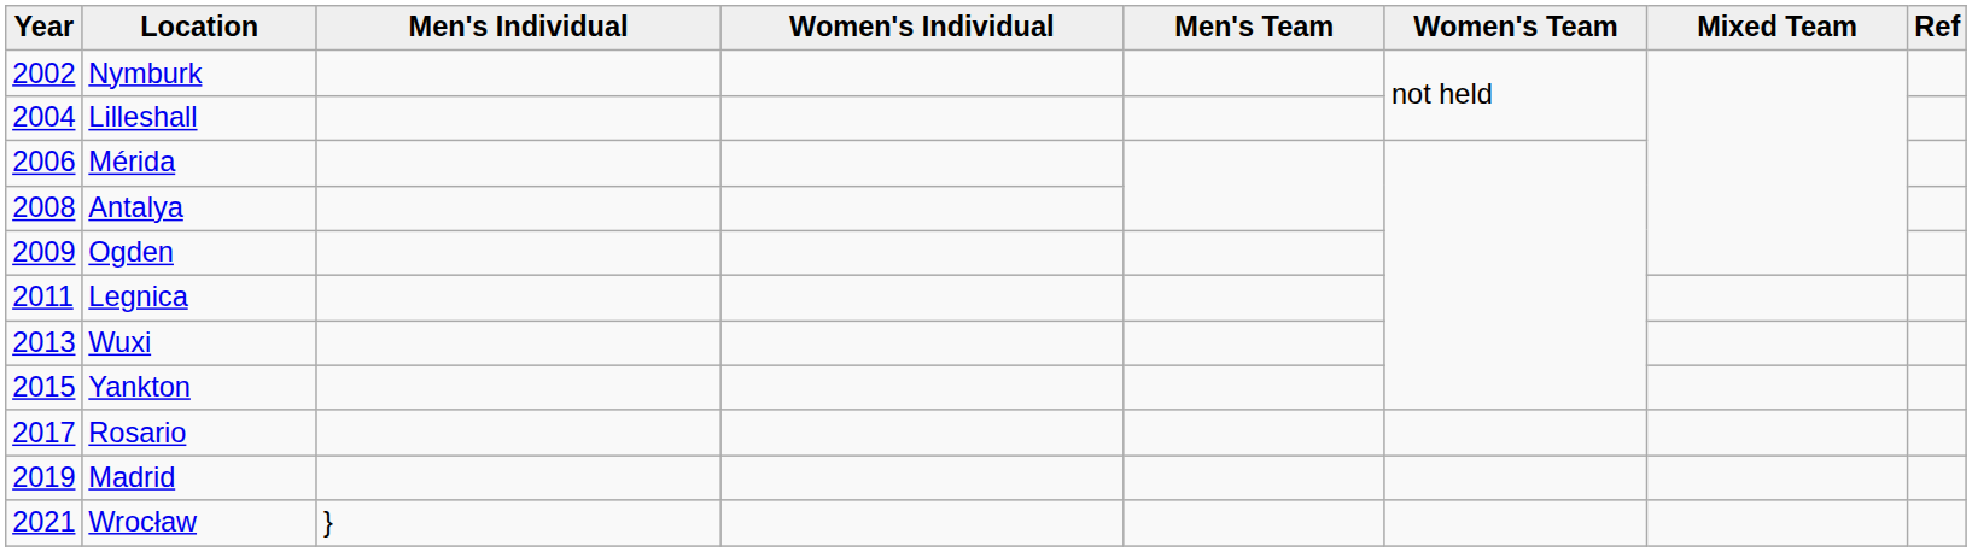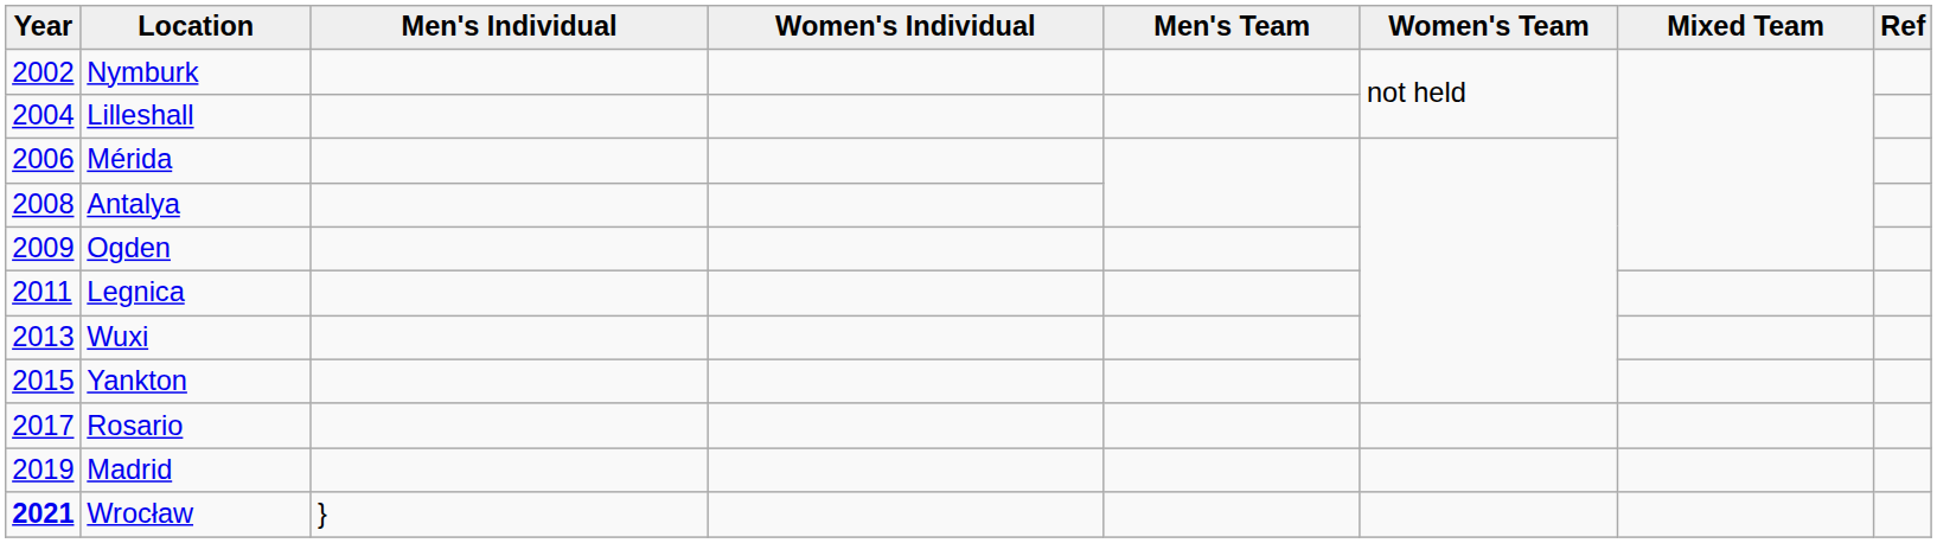 <table class="wikitable">
 <tr>
 <th scope="col" ! width="25" style="background: #efefef;">Year</th>
 <th scope="col" ! width="125" style="background: #efefef;">Location</th>
 <th scope="col" ! width="220" style="background: #efefef;">Men's Individual</th>
 <th scope="col" ! width="220" style="background: #efefef;">Women's Individual</th>
 <th scope="col" ! width="140" style="background: #efefef;">Men's Team</th>
 <th scope="col" ! width="140" style="background: #efefef;">Women's Team</th>
 <th scope="col" ! width="140" style="background: #efefef;">Mixed Team</th>
 <th scope="col" ! width="25" style="background: #efefef;">Ref</th>
 </tr>
 <tr>
 <td><a href='#'>2002</a></td>
 <td> <a href='#'>Nymburk</a></td>
 <td></td>
 <td></td>
 <td></td>
 <td rowspan=2>not held</td>
 <td rowspan=5></td>
 <td></td>
 </tr>
 <tr>
 <td><a href='#'>2004</a></td>
 <td> <a href='#'>Lilleshall</a></td>
 <td></td>
 <td></td>
 <td></td>
 <td></td>
 </tr>
 <tr>
 <td><a href='#'>2006</a></td>
 <td> <a href='#'>Mérida</a></td>
 <td></td>
 <td></td>
 <td rowspan=2></td>
 <td rowspan=6></td>
 <td></td>
 </tr>
 <tr>
 <td><a href='#'>2008</a></td>
 <td> <a href='#'>Antalya</a></td>
 <td></td>
 <td></td>
 <td></td>
 </tr>
 <tr>
 <td><a href='#'>2009</a></td>
 <td> <a href='#'>Ogden</a></td>
 <td></td>
 <td></td>
 <td></td>
 <td></td>
 </tr>
 <tr>
 <td><a href='#'>2011</a></td>
 <td> <a href='#'>Legnica</a></td>
 <td></td>
 <td></td>
 <td></td>
 <td></td>
 <td></td>
 </tr>
 <tr>
 <td><a href='#'>2013</a></td>
 <td> <a href='#'>Wuxi</a></td>
 <td></td>
 <td></td>
 <td></td>
 <td></td>
 <td></td>
 </tr>
 <tr>
 <td><a href='#'>2015</a></td>
 <td> <a href='#'>Yankton</a></td>
 <td></td>
 <td></td>
 <td></td>
 <td></td>
 <td></td>
 </tr>
 <tr>
 <td><a href='#'>2017</a></td>
 <td> <a href='#'>Rosario</a></td>
 <td></td>
 <td></td>
 <td></td>
 <td></td>
 <td></td>
 <td></td>
 </tr>
 <tr>
 <td><a href='#'>2019</a></td>
 <td> <a href='#'>Madrid</a></td>
 <td></td>
 <td></td>
 <td></td>
 <td></td>
 <td></td>
 <td></td>
 </tr>
 <tr>
-<td><a href='#'>2021</a></td>
+<td><strong><a href='#'>2021</a></strong></td>
 <td> <a href='#'>Wrocław</a></td>
 <td>}</td>
 <td></td>
 <td></td>
 <td></td>
 <td></td>
 <td></td>
 </tr>
 </table>
